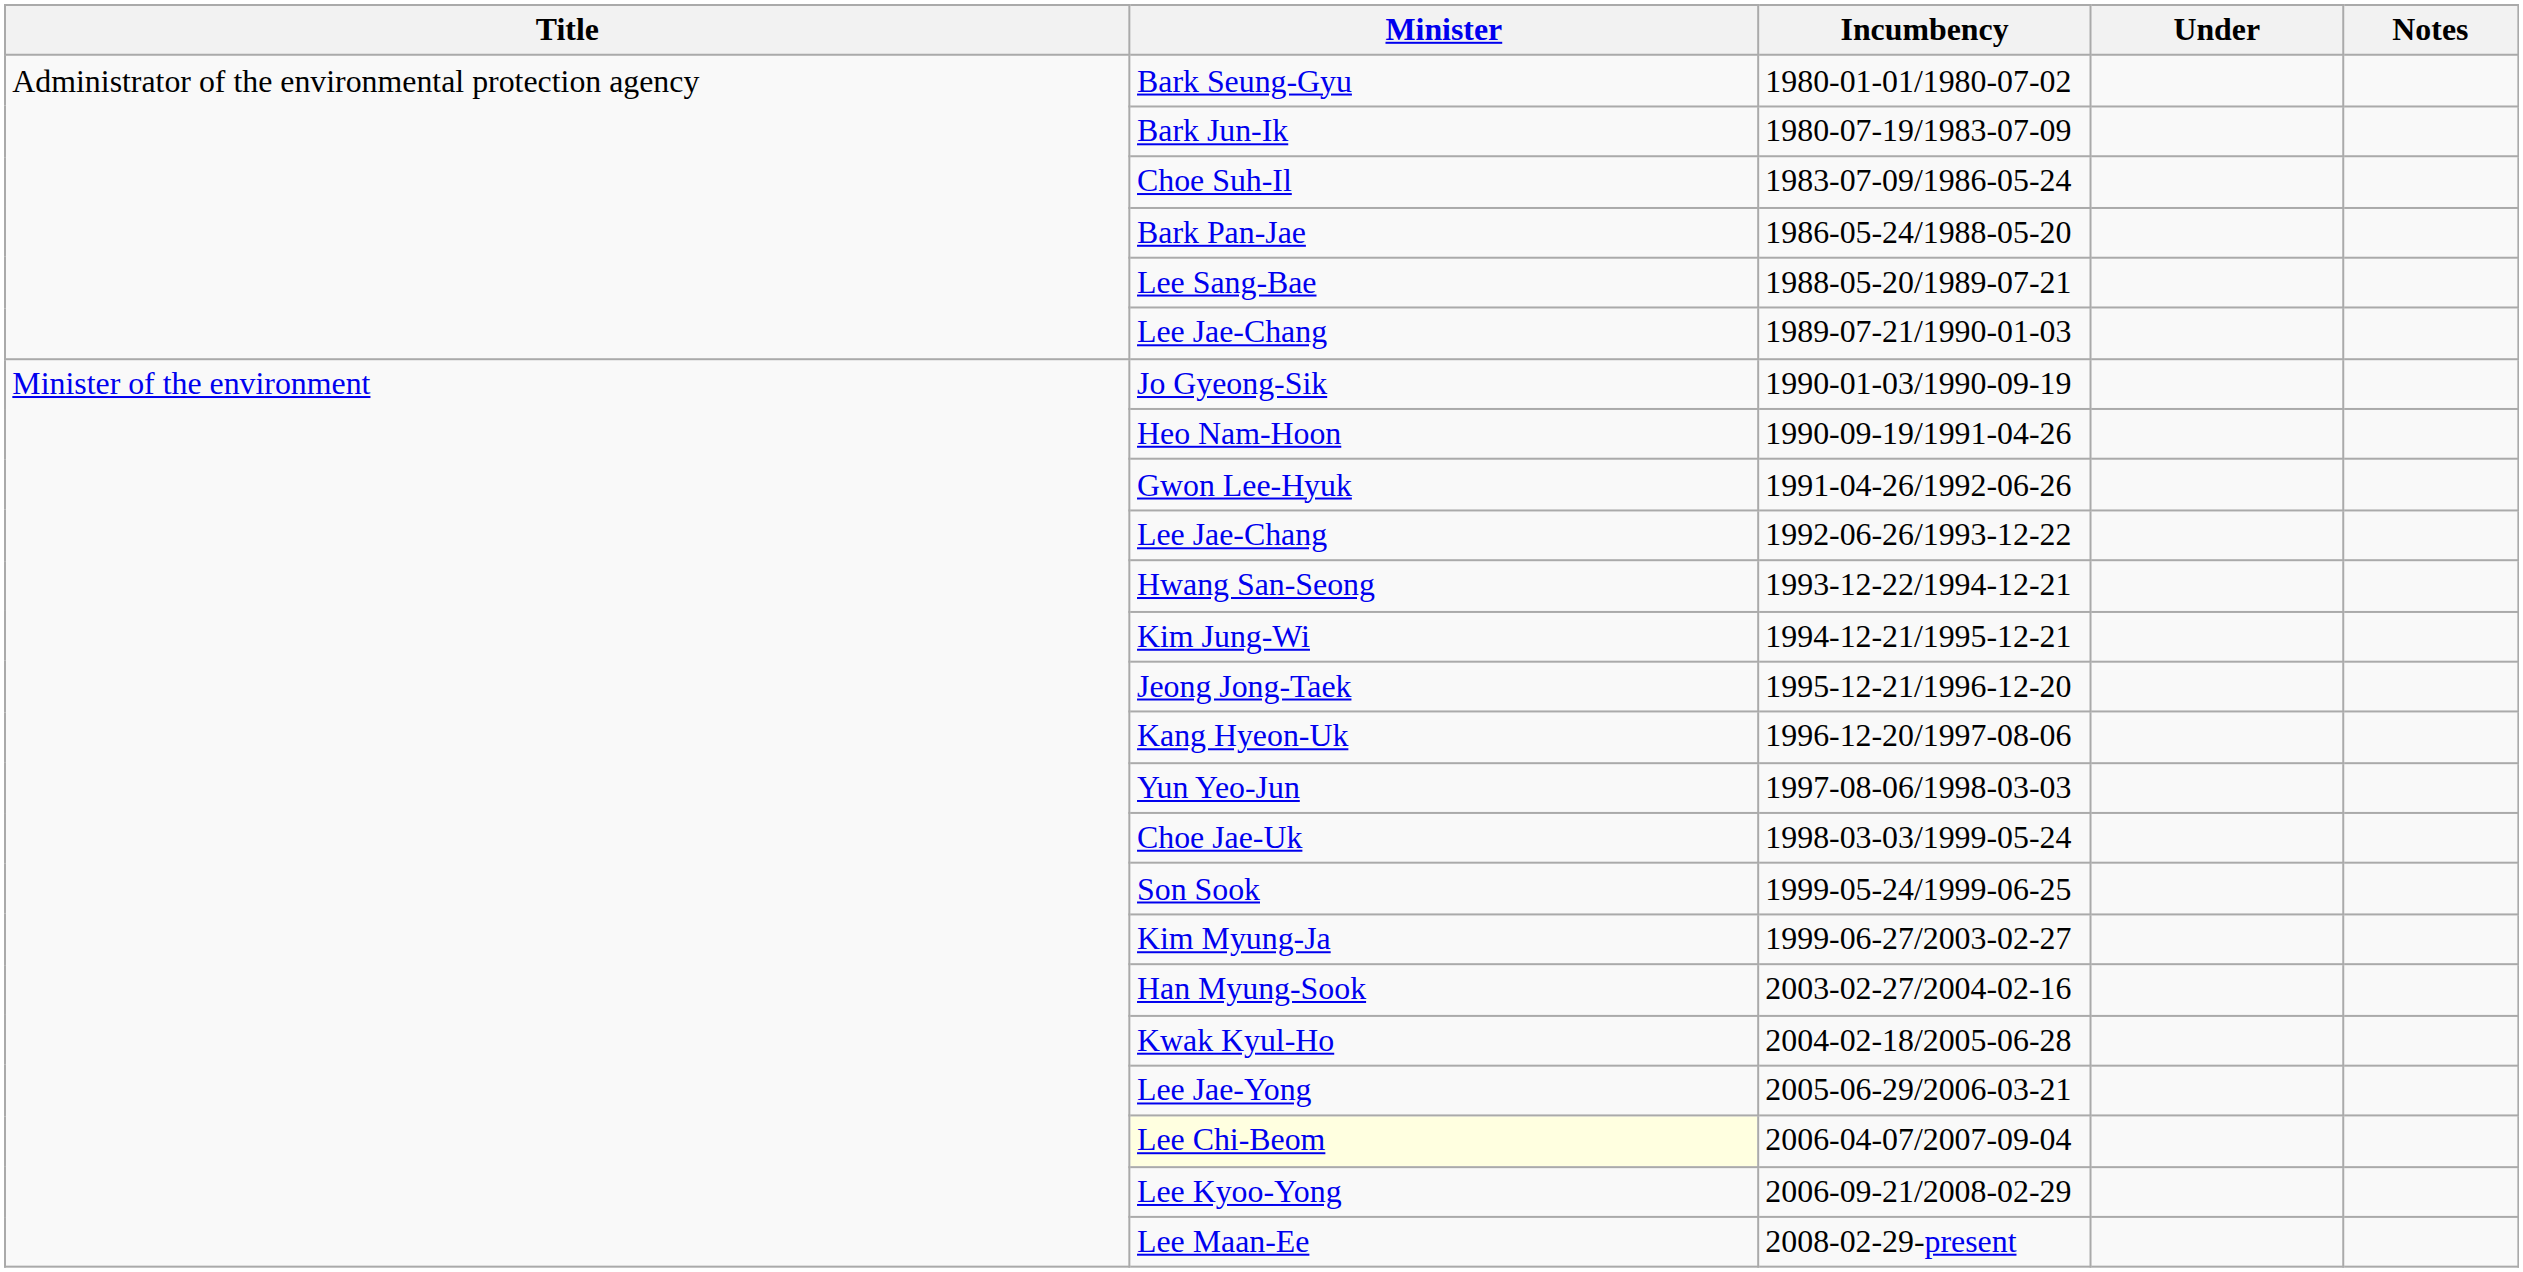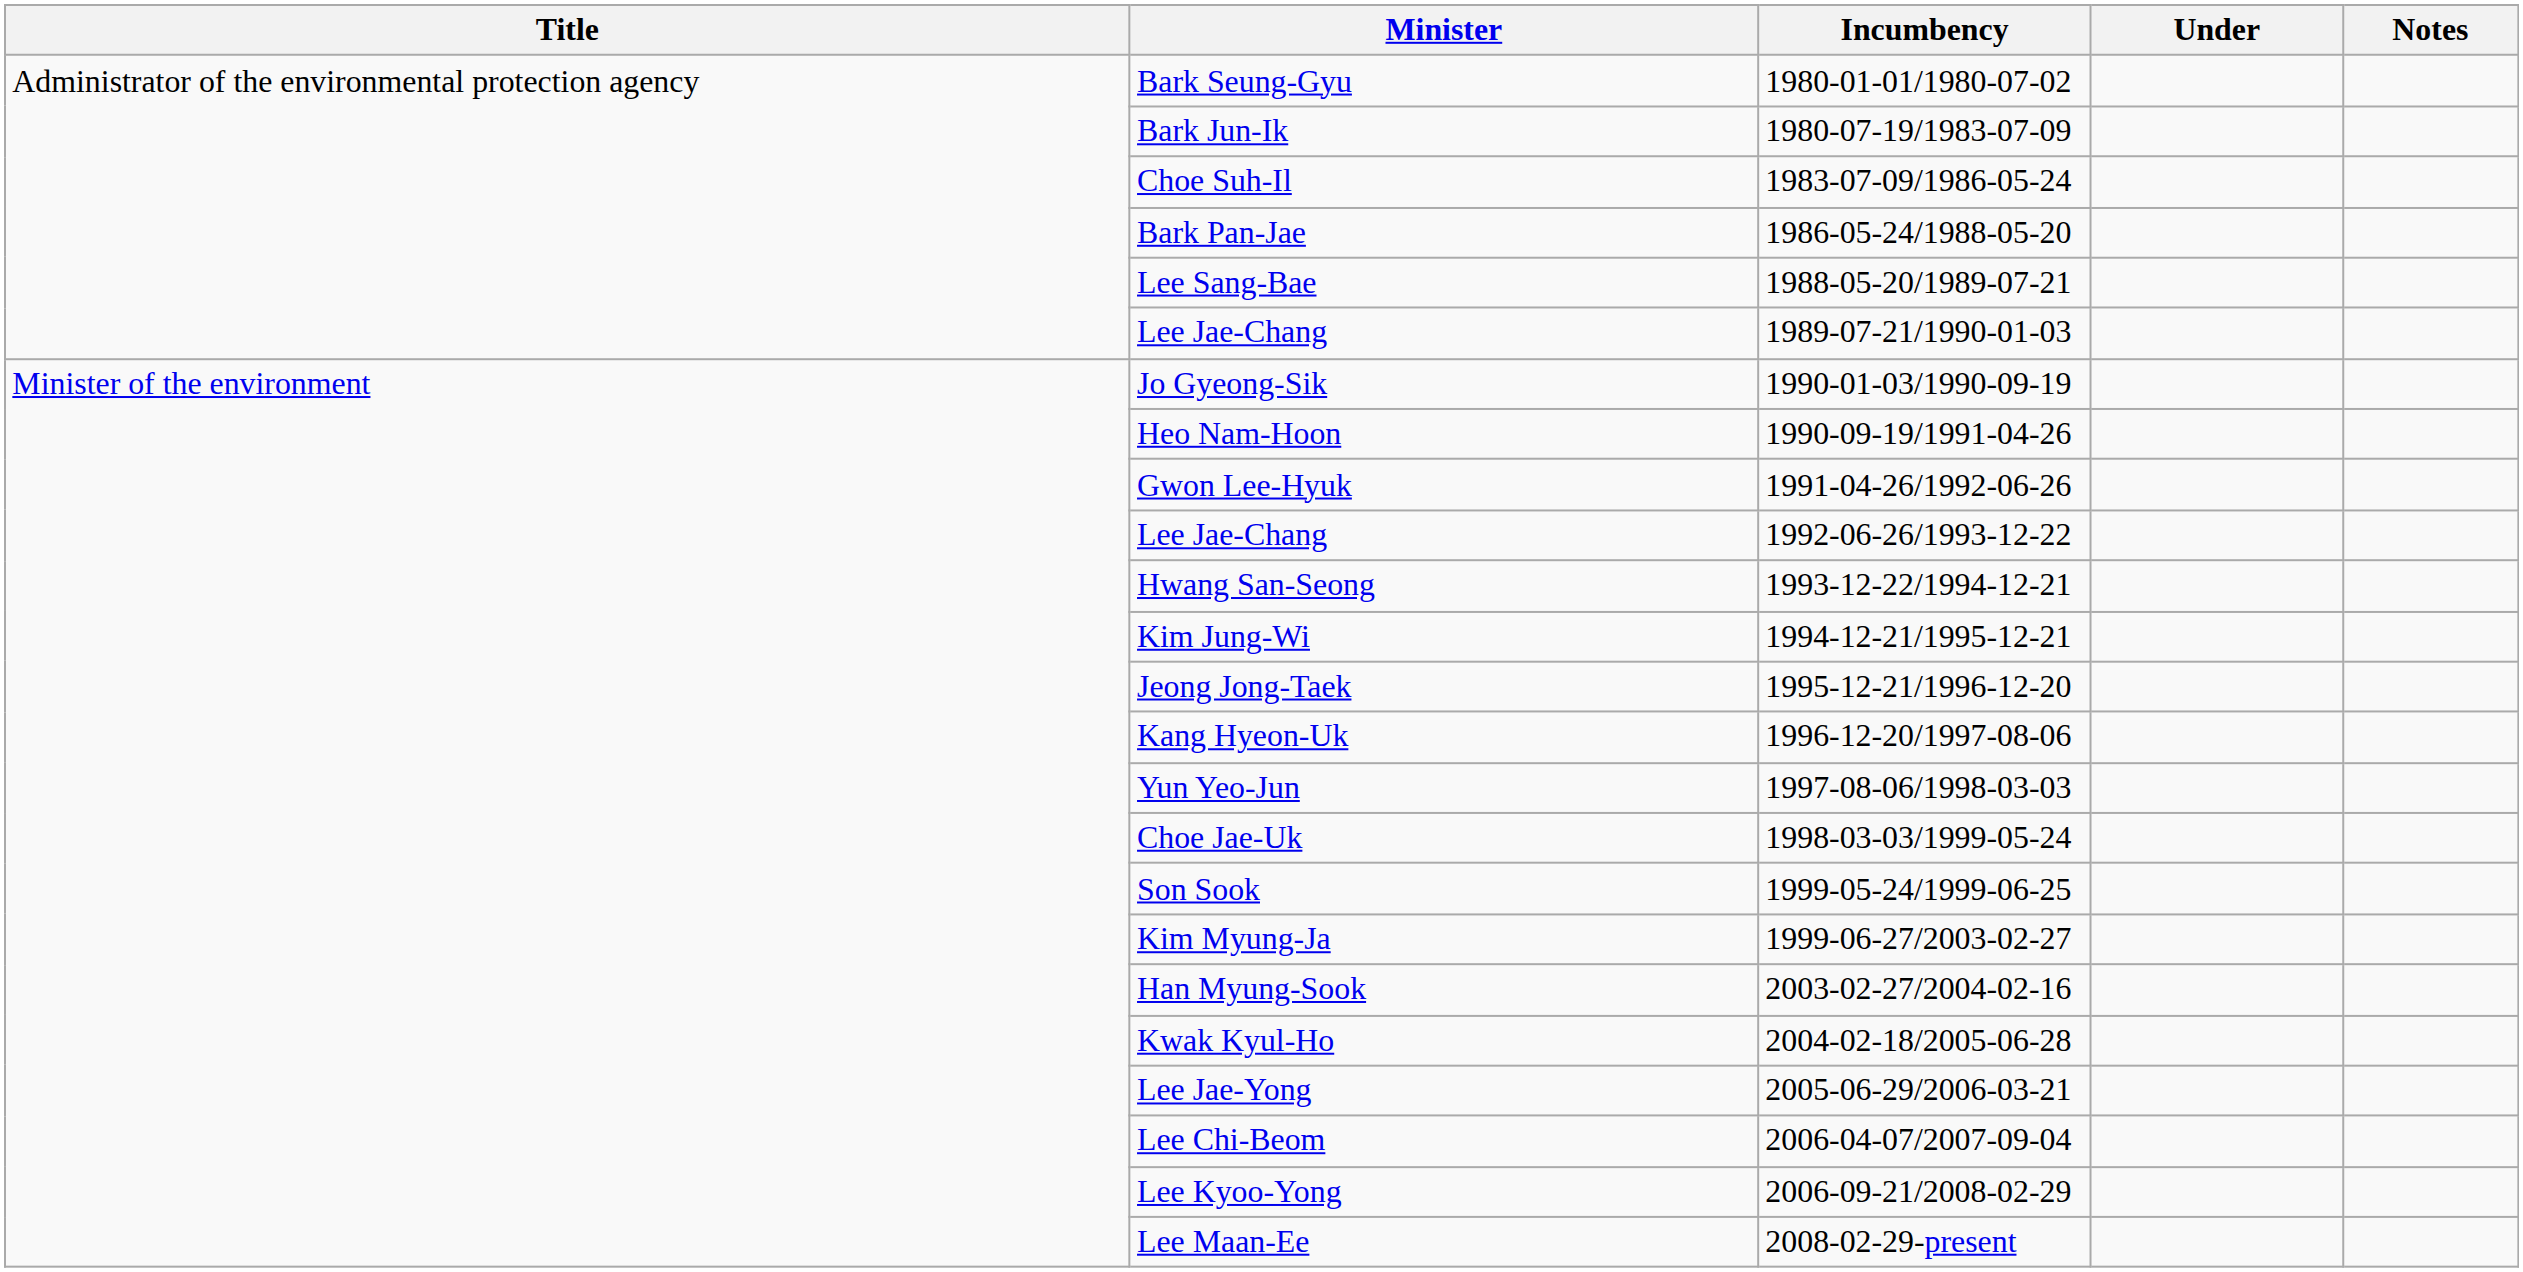 <table class="wikitable" style="width:100%;">
 <tr>
 <th>Title</th>
 <th style="width:25%;"><a href='#'>Minister</a></th>
 <th style="width:160px;">Incumbency</th>
 <th style="width:10%;">Under</th>
 <th style="width:7%;">Notes</th>
 </tr>
 <tr>
 <td rowspan="6" style="vertical-align:top;">Administrator of the environmental protection agency</td>
 <td><a href='#'>Bark Seung-Gyu</a></td>
 <td>1980-01-01/1980-07-02</td>
 <td></td>
 <td></td>
 </tr>
 <tr>
 <td><a href='#'>Bark Jun-Ik</a></td>
 <td>1980-07-19/1983-07-09</td>
 <td></td>
 <td></td>
 </tr>
 <tr>
 <td><a href='#'>Choe Suh-Il</a></td>
 <td>1983-07-09/1986-05-24</td>
 <td></td>
 <td></td>
 </tr>
 <tr>
 <td><a href='#'>Bark Pan-Jae</a></td>
 <td>1986-05-24/1988-05-20</td>
 <td></td>
 <td></td>
 </tr>
 <tr>
 <td><a href='#'>Lee Sang-Bae</a></td>
 <td>1988-05-20/1989-07-21</td>
 <td></td>
 <td></td>
 </tr>
 <tr>
 <td><a href='#'>Lee Jae-Chang</a></td>
 <td>1989-07-21/1990-01-03</td>
 <td></td>
 <td></td>
 </tr>
 <tr>
 <td rowspan="18" style="vertical-align:top;"><a href='#'>Minister of the environment</a></td>
 <td><a href='#'>Jo Gyeong-Sik</a></td>
 <td>1990-01-03/1990-09-19</td>
 <td></td>
 <td></td>
 </tr>
 <tr>
 <td><a href='#'>Heo Nam-Hoon</a></td>
 <td>1990-09-19/1991-04-26</td>
 <td></td>
 <td></td>
 </tr>
 <tr>
 <td><a href='#'>Gwon Lee-Hyuk</a></td>
 <td>1991-04-26/1992-06-26</td>
 <td></td>
 <td></td>
 </tr>
 <tr>
 <td><a href='#'>Lee Jae-Chang</a></td>
 <td>1992-06-26/1993-12-22</td>
 <td></td>
 <td></td>
 </tr>
 <tr>
 <td><a href='#'>Hwang San-Seong</a></td>
 <td>1993-12-22/1994-12-21</td>
 <td></td>
 <td></td>
 </tr>
 <tr>
 <td><a href='#'>Kim Jung-Wi</a></td>
 <td>1994-12-21/1995-12-21</td>
 <td></td>
 <td></td>
 </tr>
 <tr>
 <td><a href='#'>Jeong Jong-Taek</a></td>
 <td>1995-12-21/1996-12-20</td>
 <td></td>
 <td></td>
 </tr>
 <tr>
 <td><a href='#'>Kang Hyeon-Uk</a></td>
 <td>1996-12-20/1997-08-06</td>
 <td></td>
 <td></td>
 </tr>
 <tr>
 <td><a href='#'>Yun Yeo-Jun</a></td>
 <td>1997-08-06/1998-03-03</td>
 <td></td>
 <td></td>
 </tr>
 <tr>
 <td><a href='#'>Choe Jae-Uk</a></td>
 <td>1998-03-03/1999-05-24</td>
 <td></td>
 <td></td>
 </tr>
 <tr>
 <td><a href='#'>Son Sook</a></td>
 <td>1999-05-24/1999-06-25</td>
 <td></td>
 <td></td>
 </tr>
 <tr>
 <td><a href='#'>Kim Myung-Ja</a></td>
 <td>1999-06-27/2003-02-27</td>
 <td></td>
 <td></td>
 </tr>
 <tr>
 <td><a href='#'>Han Myung-Sook</a></td>
 <td>2003-02-27/2004-02-16</td>
 <td></td>
 <td></td>
 </tr>
 <tr>
 <td><a href='#'>Kwak Kyul-Ho</a></td>
 <td>2004-02-18/2005-06-28</td>
 <td></td>
 <td></td>
 </tr>
 <tr>
 <td><a href='#'>Lee Jae-Yong</a></td>
 <td>2005-06-29/2006-03-21</td>
 <td></td>
 <td></td>
 </tr>
 <tr>
-<td style="background: lightyellow;"><a href='#'>Lee Chi-Beom</a></td>
+<td><a href='#'>Lee Chi-Beom</a></td>
 <td>2006-04-07/2007-09-04</td>
 <td></td>
 <td></td>
 </tr>
 <tr>
 <td><a href='#'>Lee Kyoo-Yong</a></td>
 <td>2006-09-21/2008-02-29</td>
 <td></td>
 <td></td>
 </tr>
 <tr>
 <td><a href='#'>Lee Maan-Ee</a></td>
 <td>2008-02-29-<a href='#'>present</a></td>
 <td></td>
 <td></td>
 </tr>
 </table>
